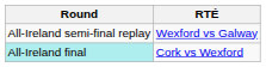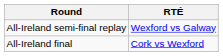 <table class="wikitable">
 <tr>
 <th>Round</th>
 <th>RTÉ</th>
 </tr>
 <tr>
 <td>All-Ireland semi-final replay</td>
 <td><a href='#'>Wexford vs Galway</a></td>
 </tr>
 <tr>
-<td style="background: paleturquoise;">All-Ireland final</td>
+<td>All-Ireland final</td>
 <td><a href='#'>Cork vs Wexford</a></td>
 </tr>
 </table>
